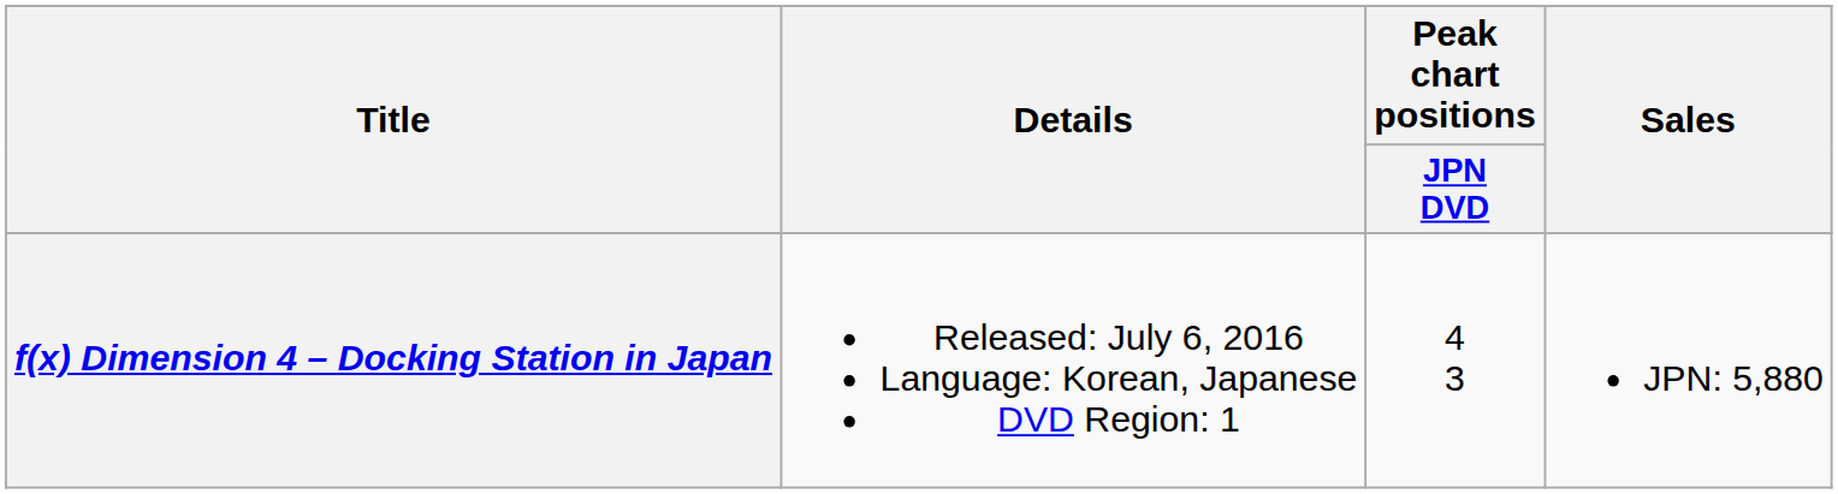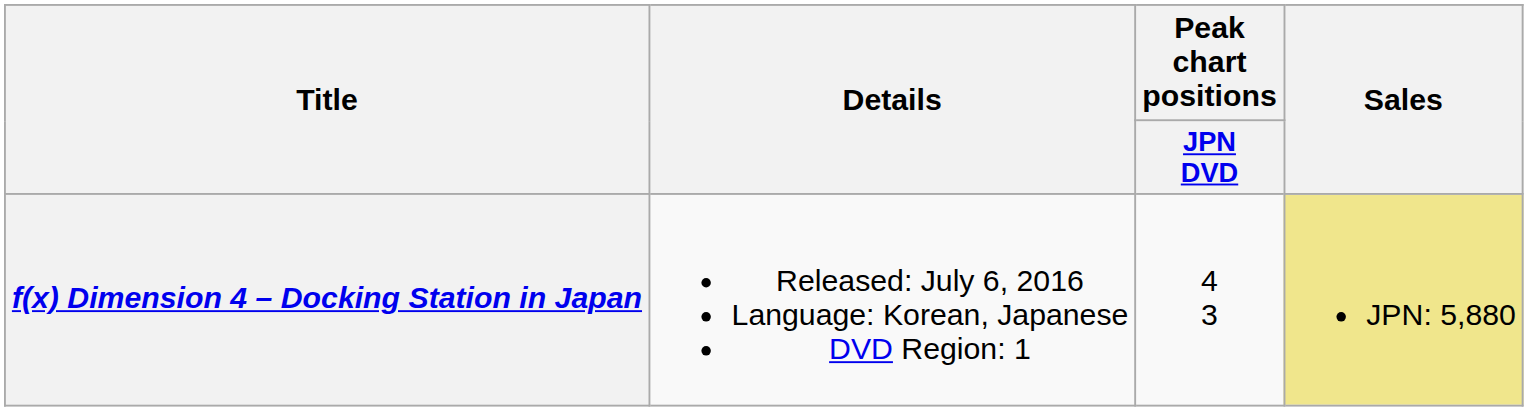 <table class="wikitable plainrowheaders" style="text-align:center">
 <tr>
 <th rowspan="2">Title</th>
 <th rowspan="2">Details</th>
 <th colspan="1">Peak chart positions</th>
 <th rowspan="2">Sales</th>
 </tr>
 <tr>
 <th scope="col" style="width:2.8em;font-size:90%"><a href='#'>JPN<br>DVD</a></th>
 </tr>
 <tr>
 <th scope="row"><em><a href='#'>f(x) Dimension 4 – Docking Station in Japan</a></em></th>
 <td><br><ul><li>Released: July 6, 2016</li><li>Language: Korean, Japanese</li><li><a href='#'>DVD</a> Region: 1</li></ul></td>
 <td>4  <br>3 </td>
-<td><br><ul><li>JPN: 5,880</li></ul></td>
+<td style="background: khaki;"><br><ul><li>JPN: 5,880</li></ul></td>
 </tr>
 </table>
